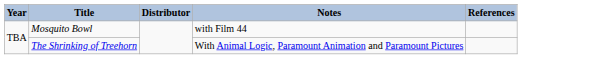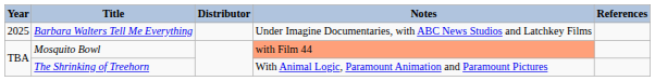 <table class="wikitable" style="font-size:95%;">
 <tr style="text-align:left;">
 <th style="background:#B0C4DE;">Year</th>
 <th style="background:#B0C4DE;">Title</th>
 <th style="background:#B0C4DE;">Distributor</th>
 <th style="background:#B0C4DE;">Notes</th>
 <th style="background:#B0C4DE;">References</th>
 </tr>
 <tr>
+<td>2025</td>
+<td><em><a href='#'>Barbara Walters Tell Me Everything</a></em></td>
+<td></td>
+<td>Under Imagine Documentaries, with <a href='#'>ABC News Studios</a> and Latchkey Films</td>
+<td></td>
+</tr>
+<tr>
 <td rowspan="2">TBA</td>
 <td><em>Mosquito Bowl</em></td>
 <td rowspan="2"></td>
-<td>with Film 44</td>
+<td style="background: lightsalmon;">with Film 44</td>
 <td></td>
 </tr>
 <tr>
 <td><em><a href='#'>The Shrinking of Treehorn</a></em></td>
 <td>With <a href='#'>Animal Logic</a>, <a href='#'>Paramount Animation</a> and <a href='#'>Paramount Pictures</a></td>
 <td></td>
 </tr>
 </table>
